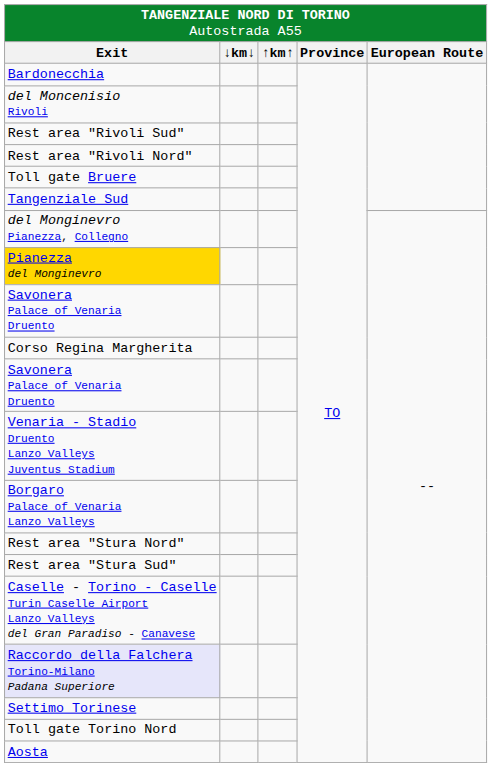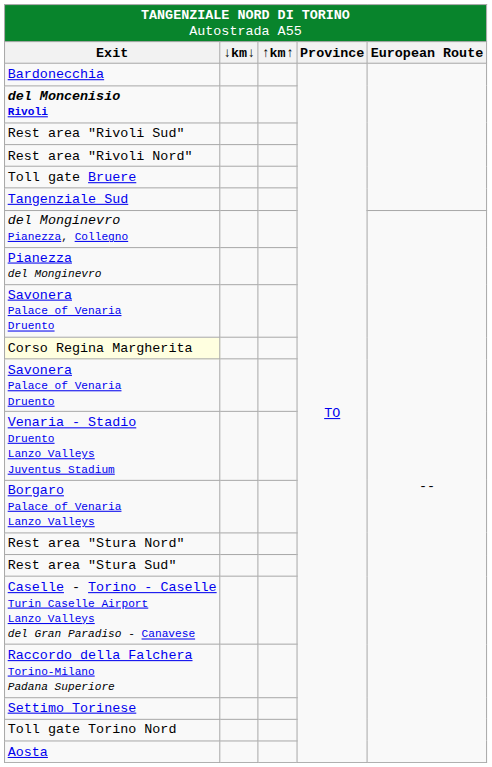 <table class="wikitable" border="1">
 <tr>
 </tr>
 <tr align="center" bgcolor="08842C" style="color: white;font-size:100%;">
 <td colspan="6"><strong> TANGENZIALE NORD DI TORINO</strong><br>Autostrada A55</td>
 </tr>
 <tr>
 <th style="text-align:center;"><strong>Exit</strong></th>
 <th style="text-align:center;"><strong>↓km↓</strong></th>
 <th style="text-align:center;"><strong>↑km↑</strong></th>
 <th align="center"><strong>Province</strong></th>
 <th align="center"><strong>European Route</strong></th>
 </tr>
 <tr>
 <td>  <a href='#'>Bardonecchia</a></td>
 <td align="right"></td>
 <td align="right"></td>
 <td rowspan="21" align="center"><a href='#'>TO</a></td>
 <td rowspan=6 align="center"></td>
 </tr>
 <tr>
-<td>  <em>del Moncenisio</em><br><small><a href='#'>Rivoli</a></small></td>
+<td><strong>  <em>del Moncenisio</em><br><small><a href='#'>Rivoli</a></small></strong></td>
 <td align="right"></td>
 <td align="right"></td>
 </tr>
 <tr>
 <td> Rest area "Rivoli Sud"</td>
 <td align="right"></td>
 <td align="right"></td>
 </tr>
 <tr>
 <td> Rest area "Rivoli Nord"</td>
 <td align="right"></td>
 <td align="right"></td>
 </tr>
 <tr>
 <td> Toll gate <a href='#'>Bruere</a></td>
 <td align="right"></td>
 <td align="right"></td>
 </tr>
 <tr>
 <td>  <a href='#'>Tangenziale Sud</a></td>
 <td align="right"></td>
 <td align="right"></td>
 </tr>
 <tr>
 <td>  <em>del Monginevro</em><br><small> <a href='#'>Pianezza</a>, <a href='#'>Collegno</a></small><br></td>
 <td align="right"></td>
 <td align="right"></td>
 <td rowspan="14" align="center">--</td>
 </tr>
 <tr>
-<td style="background: gold;"> <a href='#'>Pianezza</a><br><small> <em>del Monginevro</em></small></td>
+<td> <a href='#'>Pianezza</a><br><small> <em>del Monginevro</em></small></td>
 <td align="right"></td>
 <td align="right"></td>
 </tr>
 <tr>
 <td> <a href='#'>Savonera</a><br><small> <a href='#'>Palace of Venaria</a><br><a href='#'>Druento</a><br></small></td>
 <td align="right"></td>
 <td align="right"></td>
 </tr>
 <tr>
-<td>  Corso Regina Margherita</td>
+<td style="background: lightyellow;">  Corso Regina Margherita</td>
 <td align="right"></td>
 <td align="right"></td>
 </tr>
 <tr>
 <td> <a href='#'>Savonera</a><br><small> <a href='#'>Palace of Venaria</a><br><a href='#'>Druento</a><br></small></td>
 <td align="right"></td>
 <td align="right"></td>
 </tr>
 <tr>
 <td> <a href='#'>Venaria - Stadio</a><br><small><a href='#'>Druento</a><br> <a href='#'>Lanzo Valleys</a><br> <a href='#'>Juventus Stadium</a></small></td>
 <td align="right"></td>
 <td align="right"></td>
 </tr>
 <tr>
 <td> <a href='#'>Borgaro</a><br><small> <a href='#'>Palace of Venaria</a><br> <a href='#'>Lanzo Valleys</a></small></td>
 <td align="right"></td>
 <td align="right"></td>
 </tr>
 <tr>
 <td> Rest area "Stura Nord"</td>
 <td align="right"></td>
 <td align="right"></td>
 </tr>
 <tr>
 <td> Rest area "Stura Sud"</td>
 <td align="right"></td>
 <td align="right"></td>
 </tr>
 <tr>
 <td> <a href='#'>Caselle</a> -  <a href='#'>Torino - Caselle</a><br><small> <a href='#'>Turin Caselle Airport</a></small><br><small> <a href='#'>Lanzo Valleys</a><br> <em>del Gran Paradiso</em> - <a href='#'>Canavese</a></small></td>
 <td align="right"></td>
 <td align="right"></td>
 </tr>
 <tr>
-<td style="background: lavender;">  <a href='#'>Raccordo della Falchera</a><br><small>  <a href='#'>Torino-Milano</a><br> <em>Padana Superiore</em></small></td>
+<td>  <a href='#'>Raccordo della Falchera</a><br><small>  <a href='#'>Torino-Milano</a><br> <em>Padana Superiore</em></small></td>
 <td align="right"></td>
 <td align="right"></td>
 </tr>
 <tr>
 <td> <a href='#'>Settimo Torinese</a></td>
 <td align="right"></td>
 <td align="right"></td>
 </tr>
 <tr>
 <td> Toll gate Torino Nord</td>
 <td align="right"></td>
 <td align="right"></td>
 </tr>
 <tr>
 <td>   <a href='#'>Aosta</a></td>
 <td align="right"></td>
 <td align="right"></td>
 </tr>
 </table>
